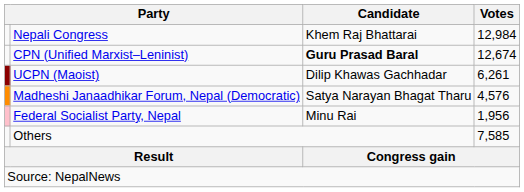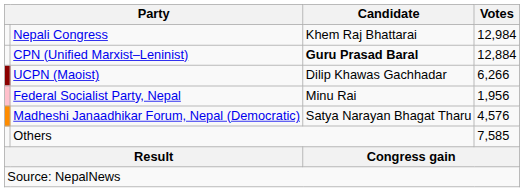 <table class="wikitable">
 <tr>
 <th colspan="2">Party</th>
 <th>Candidate</th>
 <th>Votes</th>
 </tr>
 <tr>
 <td style="background-color:"></td>
 <td><a href='#'>Nepali Congress</a></td>
 <td>Khem Raj Bhattarai</td>
 <td>12,984</td>
 </tr>
 <tr>
 <td style="background-color:"></td>
 <td><a href='#'>CPN (Unified Marxist–Leninist)</a></td>
 <td><strong>Guru Prasad Baral</strong></td>
-<td>12,674</td>
+<td>12,884</td>
 </tr>
 <tr>
 <td style="background-color:darkred"></td>
 <td><a href='#'>UCPN (Maoist)</a></td>
 <td>Dilip Khawas Gachhadar</td>
-<td>6,261</td>
+<td>6,266</td>
+</tr>
+<tr>
+<td style="background-color:pink"></td>
+<td><a href='#'>Federal Socialist Party, Nepal</a></td>
+<td>Minu Rai</td>
+<td>1,956</td>
 </tr>
 <tr>
 <td style="background-color:darkorange"></td>
 <td><a href='#'>Madheshi Janaadhikar Forum, Nepal (Democratic)</a></td>
 <td>Satya Narayan Bhagat Tharu</td>
 <td>4,576</td>
-</tr>
-<tr>
-<td style="background-color:pink"></td>
-<td><a href='#'>Federal Socialist Party, Nepal</a></td>
-<td>Minu Rai</td>
-<td>1,956</td>
 </tr>
 <tr>
 <td></td>
 <td colspan="2">Others</td>
 <td>7,585</td>
 </tr>
 <tr>
 <th colspan="2">Result</th>
 <th colspan="2">Congress gain</th>
 </tr>
 <tr>
 <td colspan="4">Source: NepalNews</td>
 </tr>
 </table>
